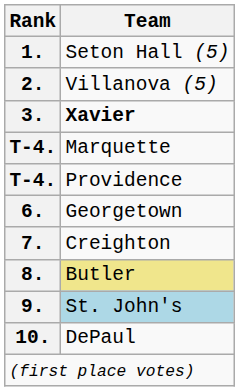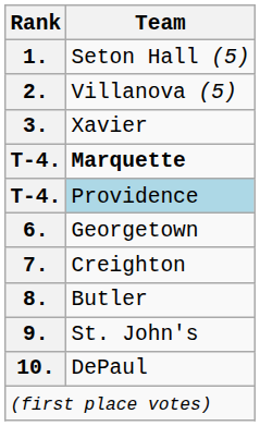 <table class=wikitable>
 <tr>
 <th>Rank</th>
 <th>Team</th>
 </tr>
 <tr>
 <th>1.</th>
 <td>Seton Hall <em>(5)</em></td>
 </tr>
 <tr>
 <th>2.</th>
 <td>Villanova <em>(5)</em></td>
 </tr>
 <tr>
 <th>3.</th>
-<td><strong>Xavier</strong></td>
+<td>Xavier</td>
 </tr>
 <tr>
 <th>T-4.</th>
-<td>Marquette</td>
+<td><strong>Marquette</strong></td>
 </tr>
 <tr>
 <th>T-4.</th>
-<td>Providence</td>
+<td style="background: lightblue;">Providence</td>
 </tr>
 <tr>
 <th>6.</th>
 <td>Georgetown</td>
 </tr>
 <tr>
 <th>7.</th>
 <td>Creighton</td>
 </tr>
 <tr>
 <th>8.</th>
-<td style="background: khaki;">Butler</td>
+<td>Butler</td>
 </tr>
 <tr>
 <th>9.</th>
-<td style="background: lightblue;">St. John's</td>
+<td>St. John's</td>
 </tr>
 <tr>
 <th>10.</th>
 <td>DePaul</td>
 </tr>
 <tr>
 <td colspan=3 valign=middle><small><em>(first place votes)</em></small></td>
 </tr>
 </table>
